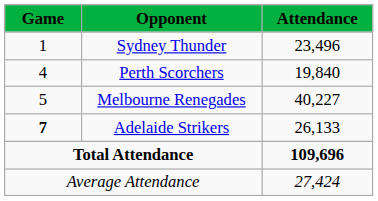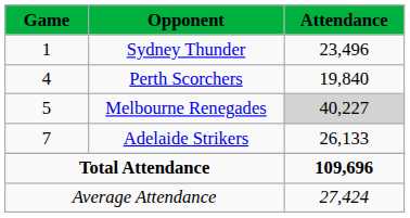 <table class="wikitable sortable" style="text-align:center; font-size:90%">
 <tr>
 <th style="width:60px; background:#00B13F; text-align:center;">Game</th>
 <th style="width:150px; background:#00B13F; text-align:center;" class="unsortable">Opponent</th>
 <th style="width:90px; background:#00B13F; text-align:center;">Attendance</th>
 </tr>
 <tr>
 <td>1</td>
 <td><a href='#'>Sydney Thunder</a></td>
 <td>23,496</td>
 </tr>
 <tr>
 <td>4</td>
 <td><a href='#'>Perth Scorchers</a></td>
 <td>19,840</td>
 </tr>
 <tr>
 <td>5</td>
 <td><a href='#'>Melbourne Renegades</a></td>
-<td>40,227</td>
+<td style="background: lightgrey;">40,227</td>
 </tr>
 <tr>
-<td><strong>7</strong></td>
+<td>7</td>
 <td><a href='#'>Adelaide Strikers</a></td>
 <td>26,133</td>
 </tr>
 <tr a>
 </tr>
 <tr class="sortbottom">
 <td colspan="2"><strong>Total Attendance</strong></td>
 <td><strong>109,696</strong></td>
 </tr>
 <tr class="sortbottom">
 <td colspan="2"><em>Average Attendance</em></td>
 <td><em>27,424</em></td>
 </tr>
 </table>
